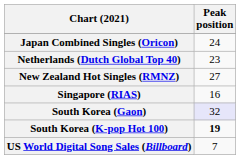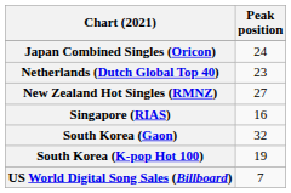 <table class="wikitable sortable plainrowheaders" style="text-align:center">
 <tr>
 <th scope="col">Chart (2021)</th>
 <th scope="col">Peak<br>position</th>
 </tr>
 <tr>
 </tr>
 <tr>
 </tr>
 <tr>
 <th scope="row">Japan Combined Singles (<a href='#'>Oricon</a>)</th>
 <td>24</td>
 </tr>
 <tr>
 <th scope="row">Netherlands (<a href='#'>Dutch Global Top 40</a>)</th>
 <td>23</td>
 </tr>
 <tr>
 <th scope="row">New Zealand Hot Singles (<a href='#'>RMNZ</a>)</th>
 <td>27</td>
 </tr>
 <tr>
 <th scope="row">Singapore (<a href='#'>RIAS</a>)</th>
 <td>16</td>
 </tr>
 <tr>
 <th scope="row">South Korea (<a href='#'>Gaon</a>)</th>
-<td style="background: lavender;">32</td>
+<td>32</td>
 </tr>
 <tr>
 <th scope="row">South Korea (<a href='#'>K-pop Hot 100</a>)</th>
-<td><strong>19</strong></td>
+<td>19</td>
 </tr>
 <tr>
 <th scope="row">US <a href='#'>World Digital Song Sales</a> (<em><a href='#'>Billboard</a></em>)</th>
 <td>7</td>
 </tr>
 </table>
